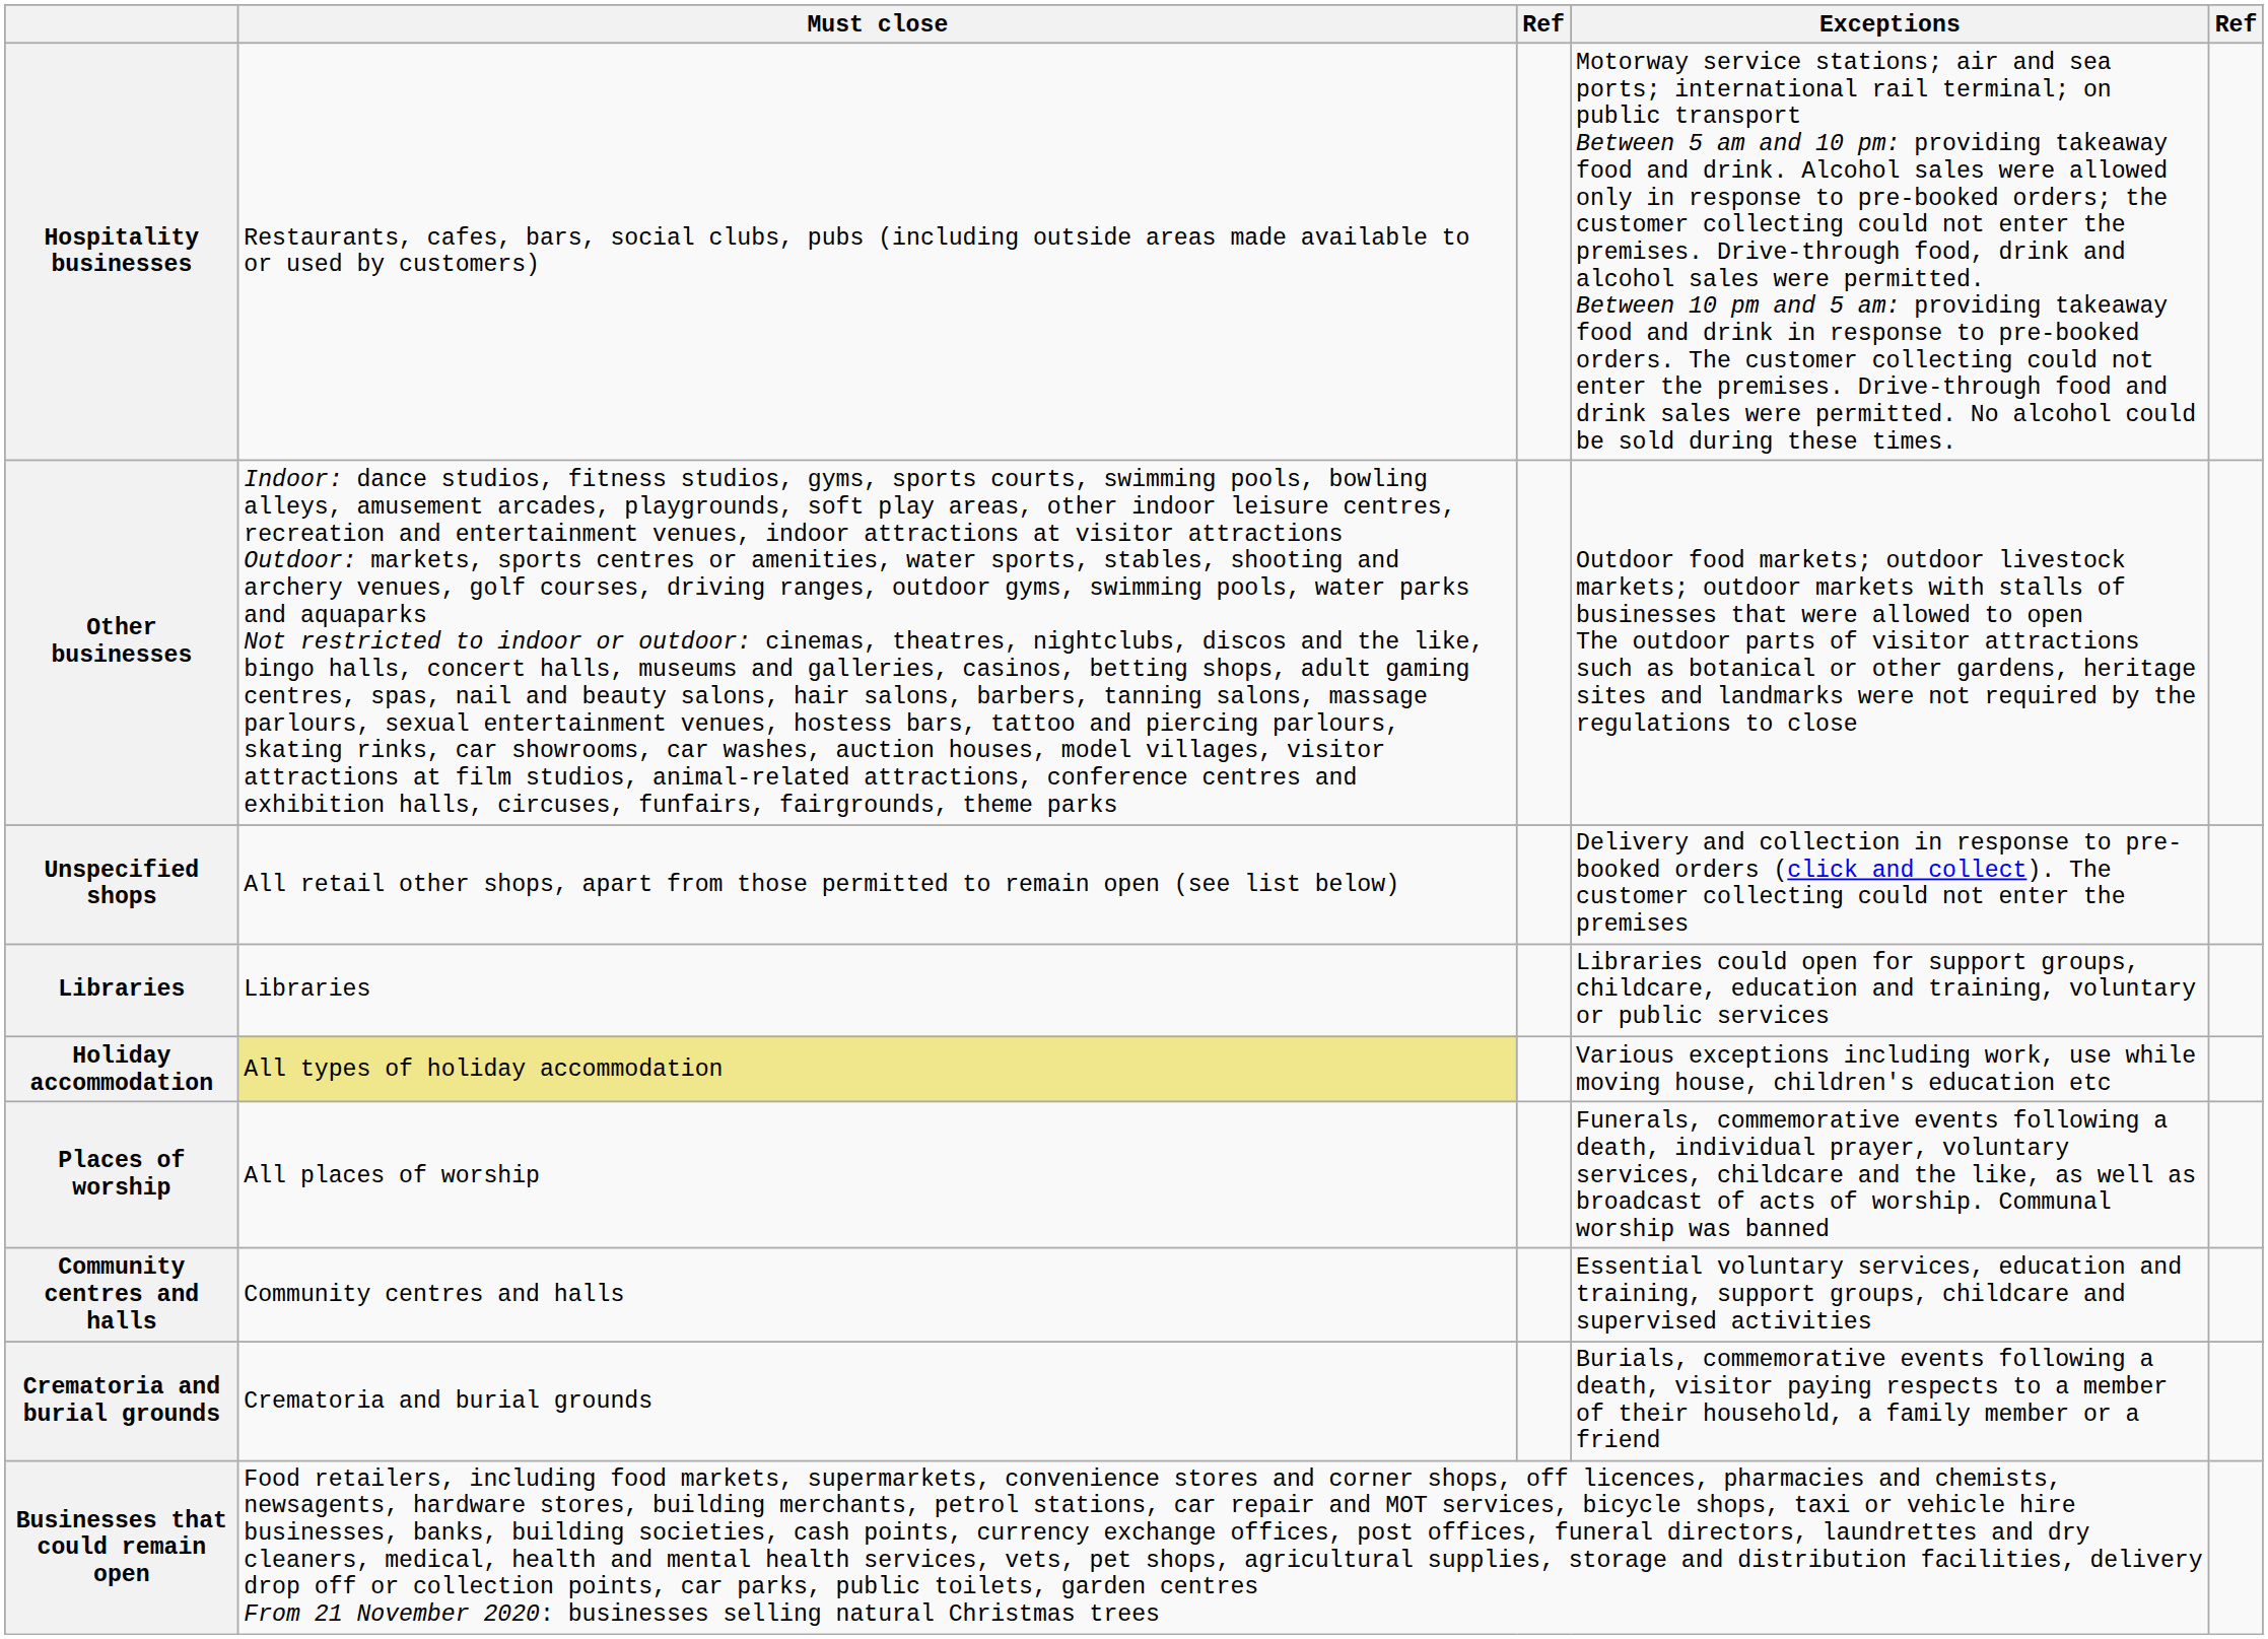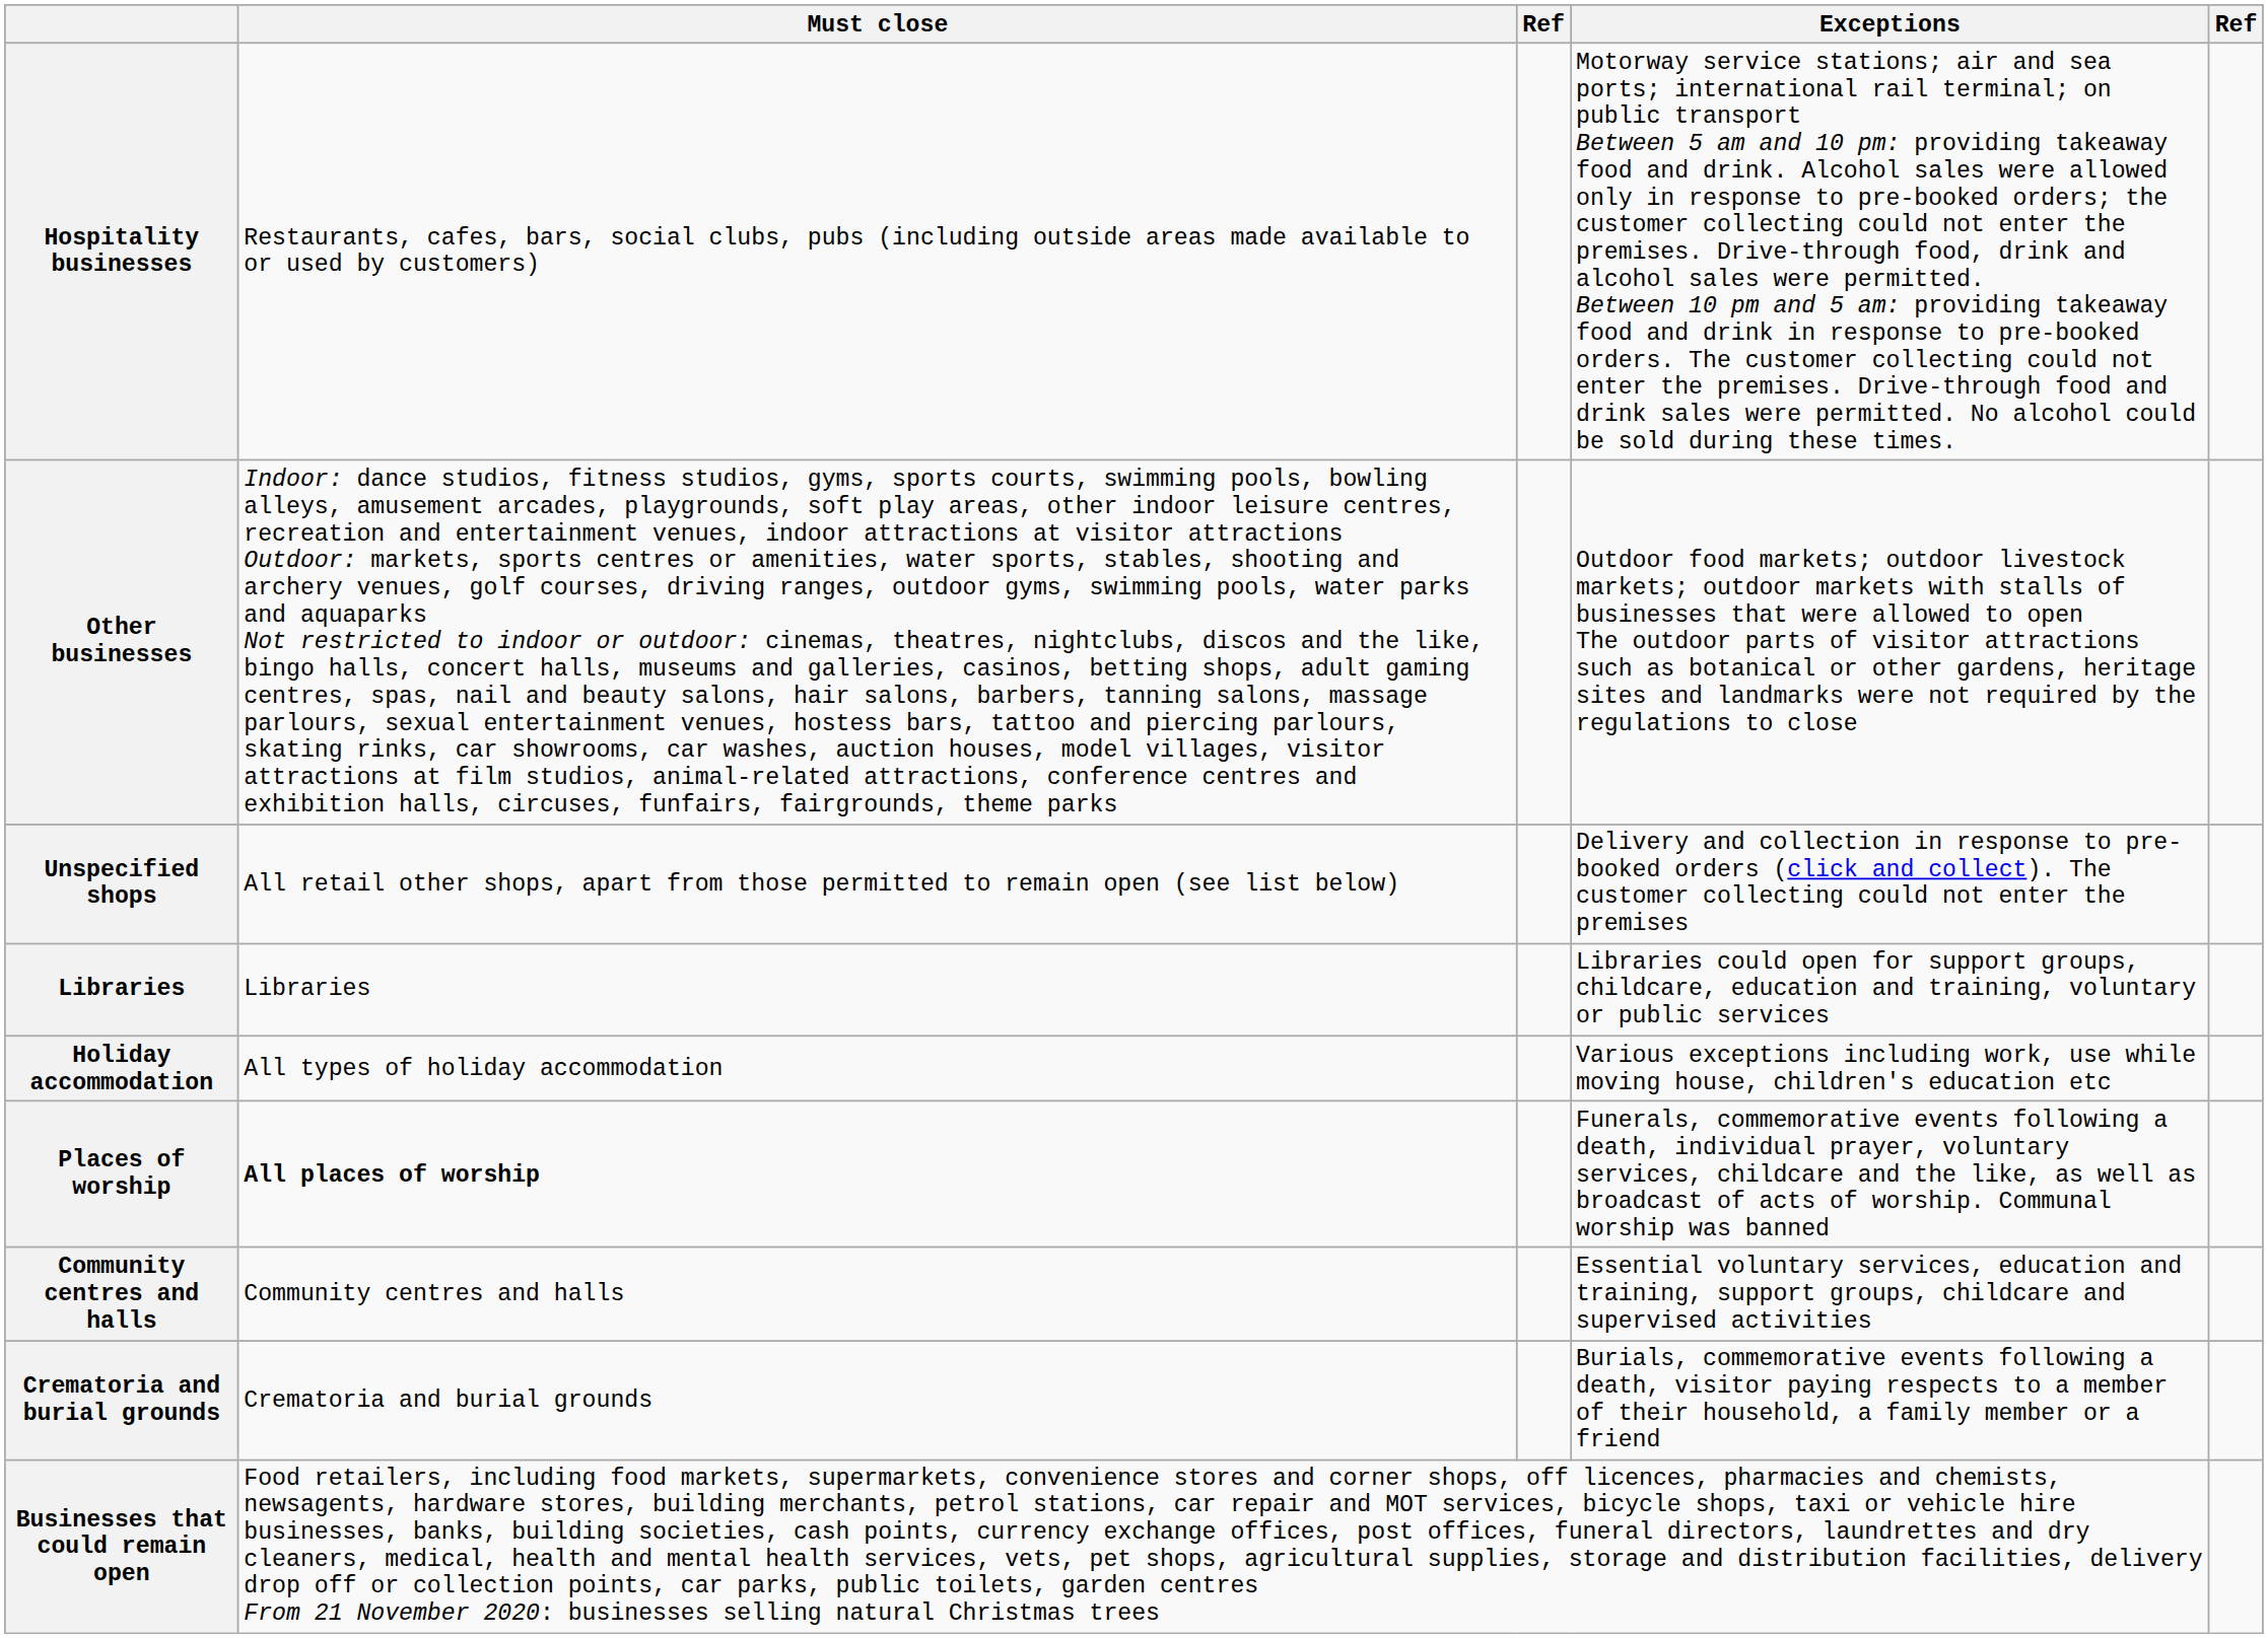 <table class="wikitable">
 <tr>
 <th></th>
 <th>Must close</th>
 <th>Ref</th>
 <th>Exceptions</th>
 <th>Ref</th>
 </tr>
 <tr>
 <th>Hospitality businesses</th>
 <td>Restaurants, cafes, bars, social clubs, pubs (including outside areas made available to or used by customers)</td>
 <td></td>
 <td>Motorway service stations; air and sea ports; international rail terminal; on public transport<br><em>Between 5 am and 10 pm:</em> providing takeaway food and drink. Alcohol sales were allowed only in response to pre-booked orders; the customer collecting could not enter the premises. Drive-through food, drink and alcohol sales were permitted.<br><em>Between 10 pm and 5 am:</em> providing takeaway food and drink in response to pre-booked orders. The customer collecting could not enter the premises. Drive-through food and drink sales were permitted. No alcohol could be sold during these times.</td>
 <td></td>
 </tr>
 <tr>
 <th>Other businesses</th>
 <td><em>Indoor:</em> dance studios, fitness studios, gyms, sports courts, swimming pools, bowling alleys, amusement arcades, playgrounds, soft play areas, other indoor leisure centres, recreation and entertainment venues, indoor attractions at visitor attractions<br><em>Outdoor:</em> markets, sports centres or amenities, water sports, stables, shooting and archery venues, golf courses, driving ranges, outdoor gyms, swimming pools, water parks and aquaparks<br><em>Not restricted to indoor or outdoor:</em> cinemas, theatres, nightclubs, discos and the like, bingo halls, concert halls, museums and galleries, casinos, betting shops, adult gaming centres, spas, nail and beauty salons, hair salons, barbers, tanning salons, massage parlours, sexual entertainment venues, hostess bars, tattoo and piercing parlours, skating rinks, car showrooms, car washes, auction houses, model villages, visitor attractions at film studios, animal-related attractions, conference centres and exhibition halls, circuses, funfairs, fairgrounds, theme parks</td>
 <td></td>
 <td>Outdoor food markets; outdoor livestock markets; outdoor markets with stalls of businesses that were allowed to open<br>The outdoor parts of visitor attractions such as botanical or other gardens, heritage sites and landmarks were not required by the regulations to close</td>
 <td></td>
 </tr>
 <tr>
 <th>Unspecified shops</th>
 <td>All retail other shops, apart from those permitted to remain open (see list below)</td>
 <td></td>
 <td>Delivery and collection in response to pre-booked orders (<a href='#'>click and collect</a>). The customer collecting could not enter the premises</td>
 <td></td>
 </tr>
 <tr>
 <th>Libraries</th>
 <td>Libraries</td>
 <td></td>
 <td>Libraries could open for support groups, childcare, education and training, voluntary or public services</td>
 <td></td>
 </tr>
 <tr>
 <th>Holiday accommodation</th>
-<td style="background: khaki;">All types of holiday accommodation</td>
+<td>All types of holiday accommodation</td>
 <td></td>
 <td>Various exceptions including work, use while moving house, children's education etc</td>
 <td></td>
 </tr>
 <tr>
 <th>Places of worship</th>
-<td>All places of worship</td>
+<td><strong>All places of worship</strong></td>
 <td></td>
 <td>Funerals, commemorative events following a death, individual prayer, voluntary services, childcare and the like, as well as broadcast of acts of worship. Communal worship was banned</td>
 <td></td>
 </tr>
 <tr>
 <th>Community centres and halls</th>
 <td>Community centres and halls</td>
 <td></td>
 <td>Essential voluntary services, education and training, support groups, childcare and supervised activities</td>
 <td></td>
 </tr>
 <tr>
 <th>Crematoria and burial grounds</th>
 <td>Crematoria and burial grounds</td>
 <td></td>
 <td>Burials, commemorative events following a death, visitor paying respects to a member of their household, a family member or a friend</td>
 <td></td>
 </tr>
 <tr>
 <th>Businesses that could remain open</th>
 <td colspan="3">Food retailers, including food markets, supermarkets, convenience stores and corner shops, off licences, pharmacies and chemists, newsagents, hardware stores, building merchants, petrol stations, car repair and MOT services, bicycle shops, taxi or vehicle hire businesses, banks, building societies, cash points, currency exchange offices, post offices, funeral directors, laundrettes and dry cleaners, medical, health and mental health services, vets, pet shops, agricultural supplies, storage and distribution facilities, delivery drop off or collection points, car parks, public toilets, garden centres<br><em>From 21 November 2020</em>: businesses selling natural Christmas trees</td>
 <td></td>
 </tr>
 </table>
